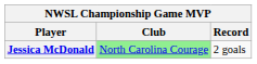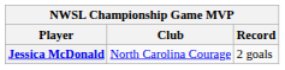 <table class="wikitable">
 <tr>
 <th colspan=3>NWSL Championship Game MVP</th>
 </tr>
 <tr>
 <th>Player</th>
 <th>Club</th>
 <th>Record</th>
 </tr>
 <tr>
 <th> <a href='#'>Jessica McDonald</a></th>
-<td style="background: lightgreen;"><a href='#'>North Carolina Courage</a></td>
+<td><a href='#'>North Carolina Courage</a></td>
 <td>2 goals</td>
 </tr>
 </table>
